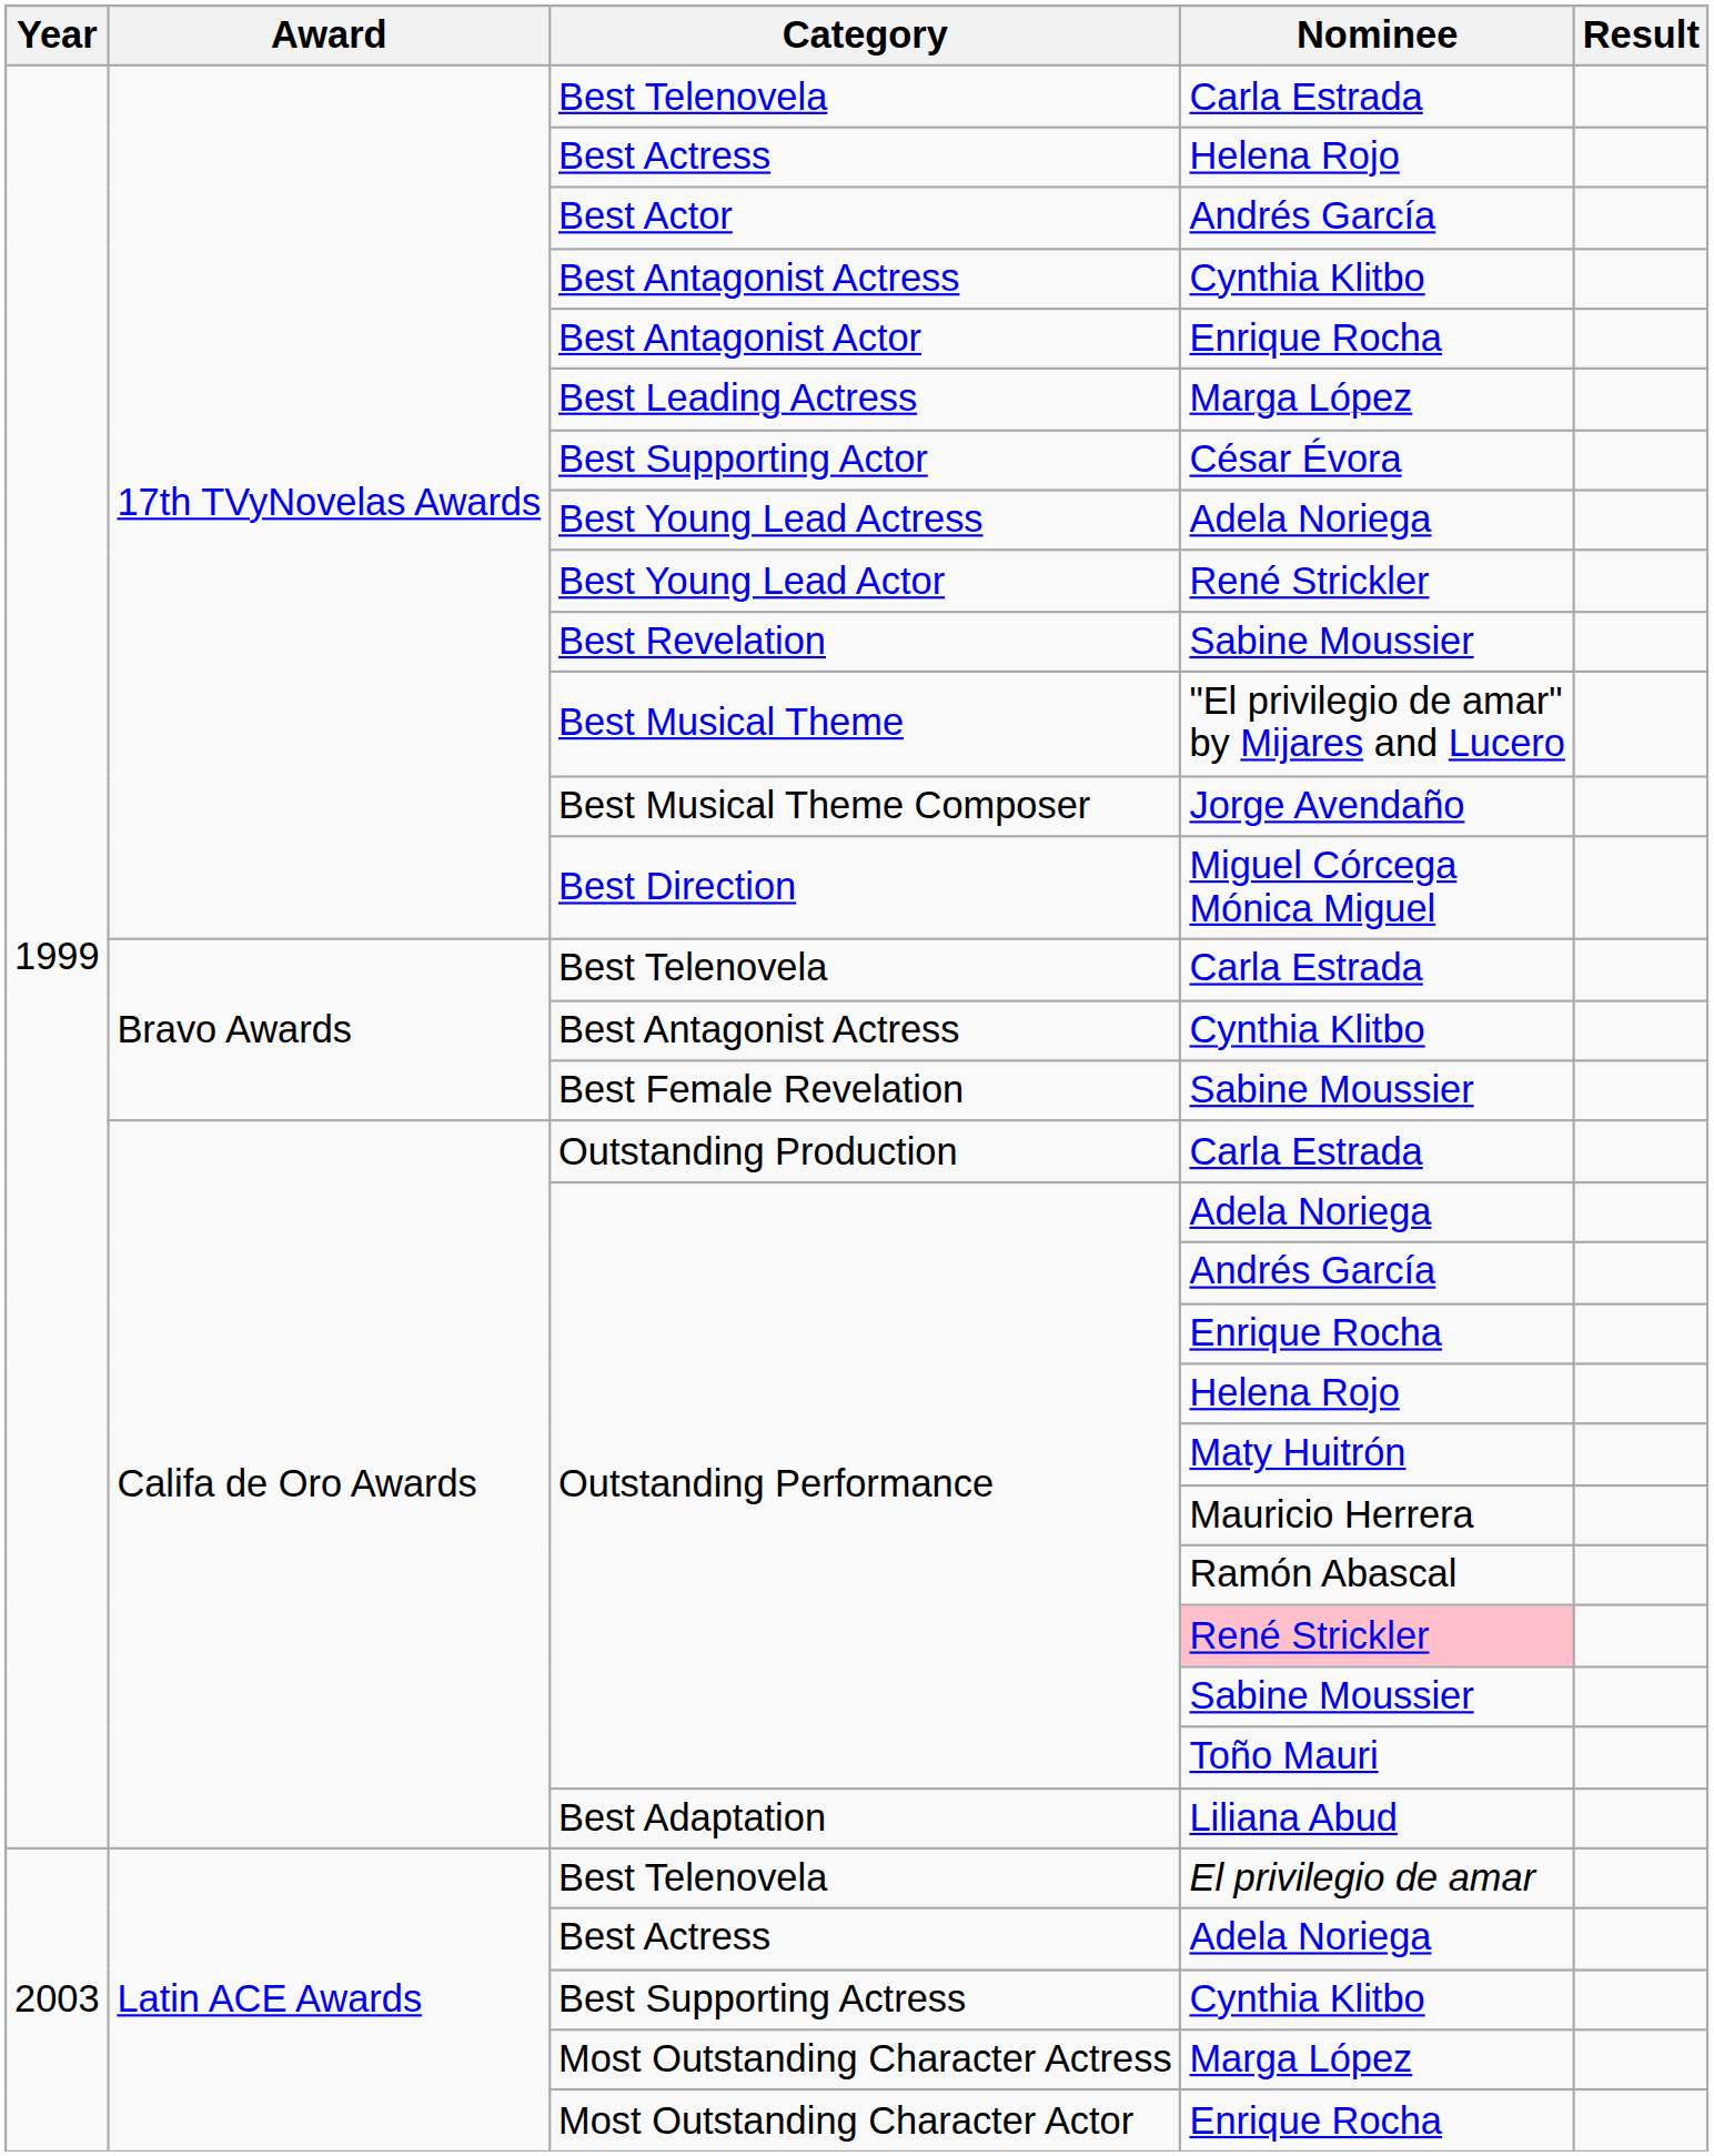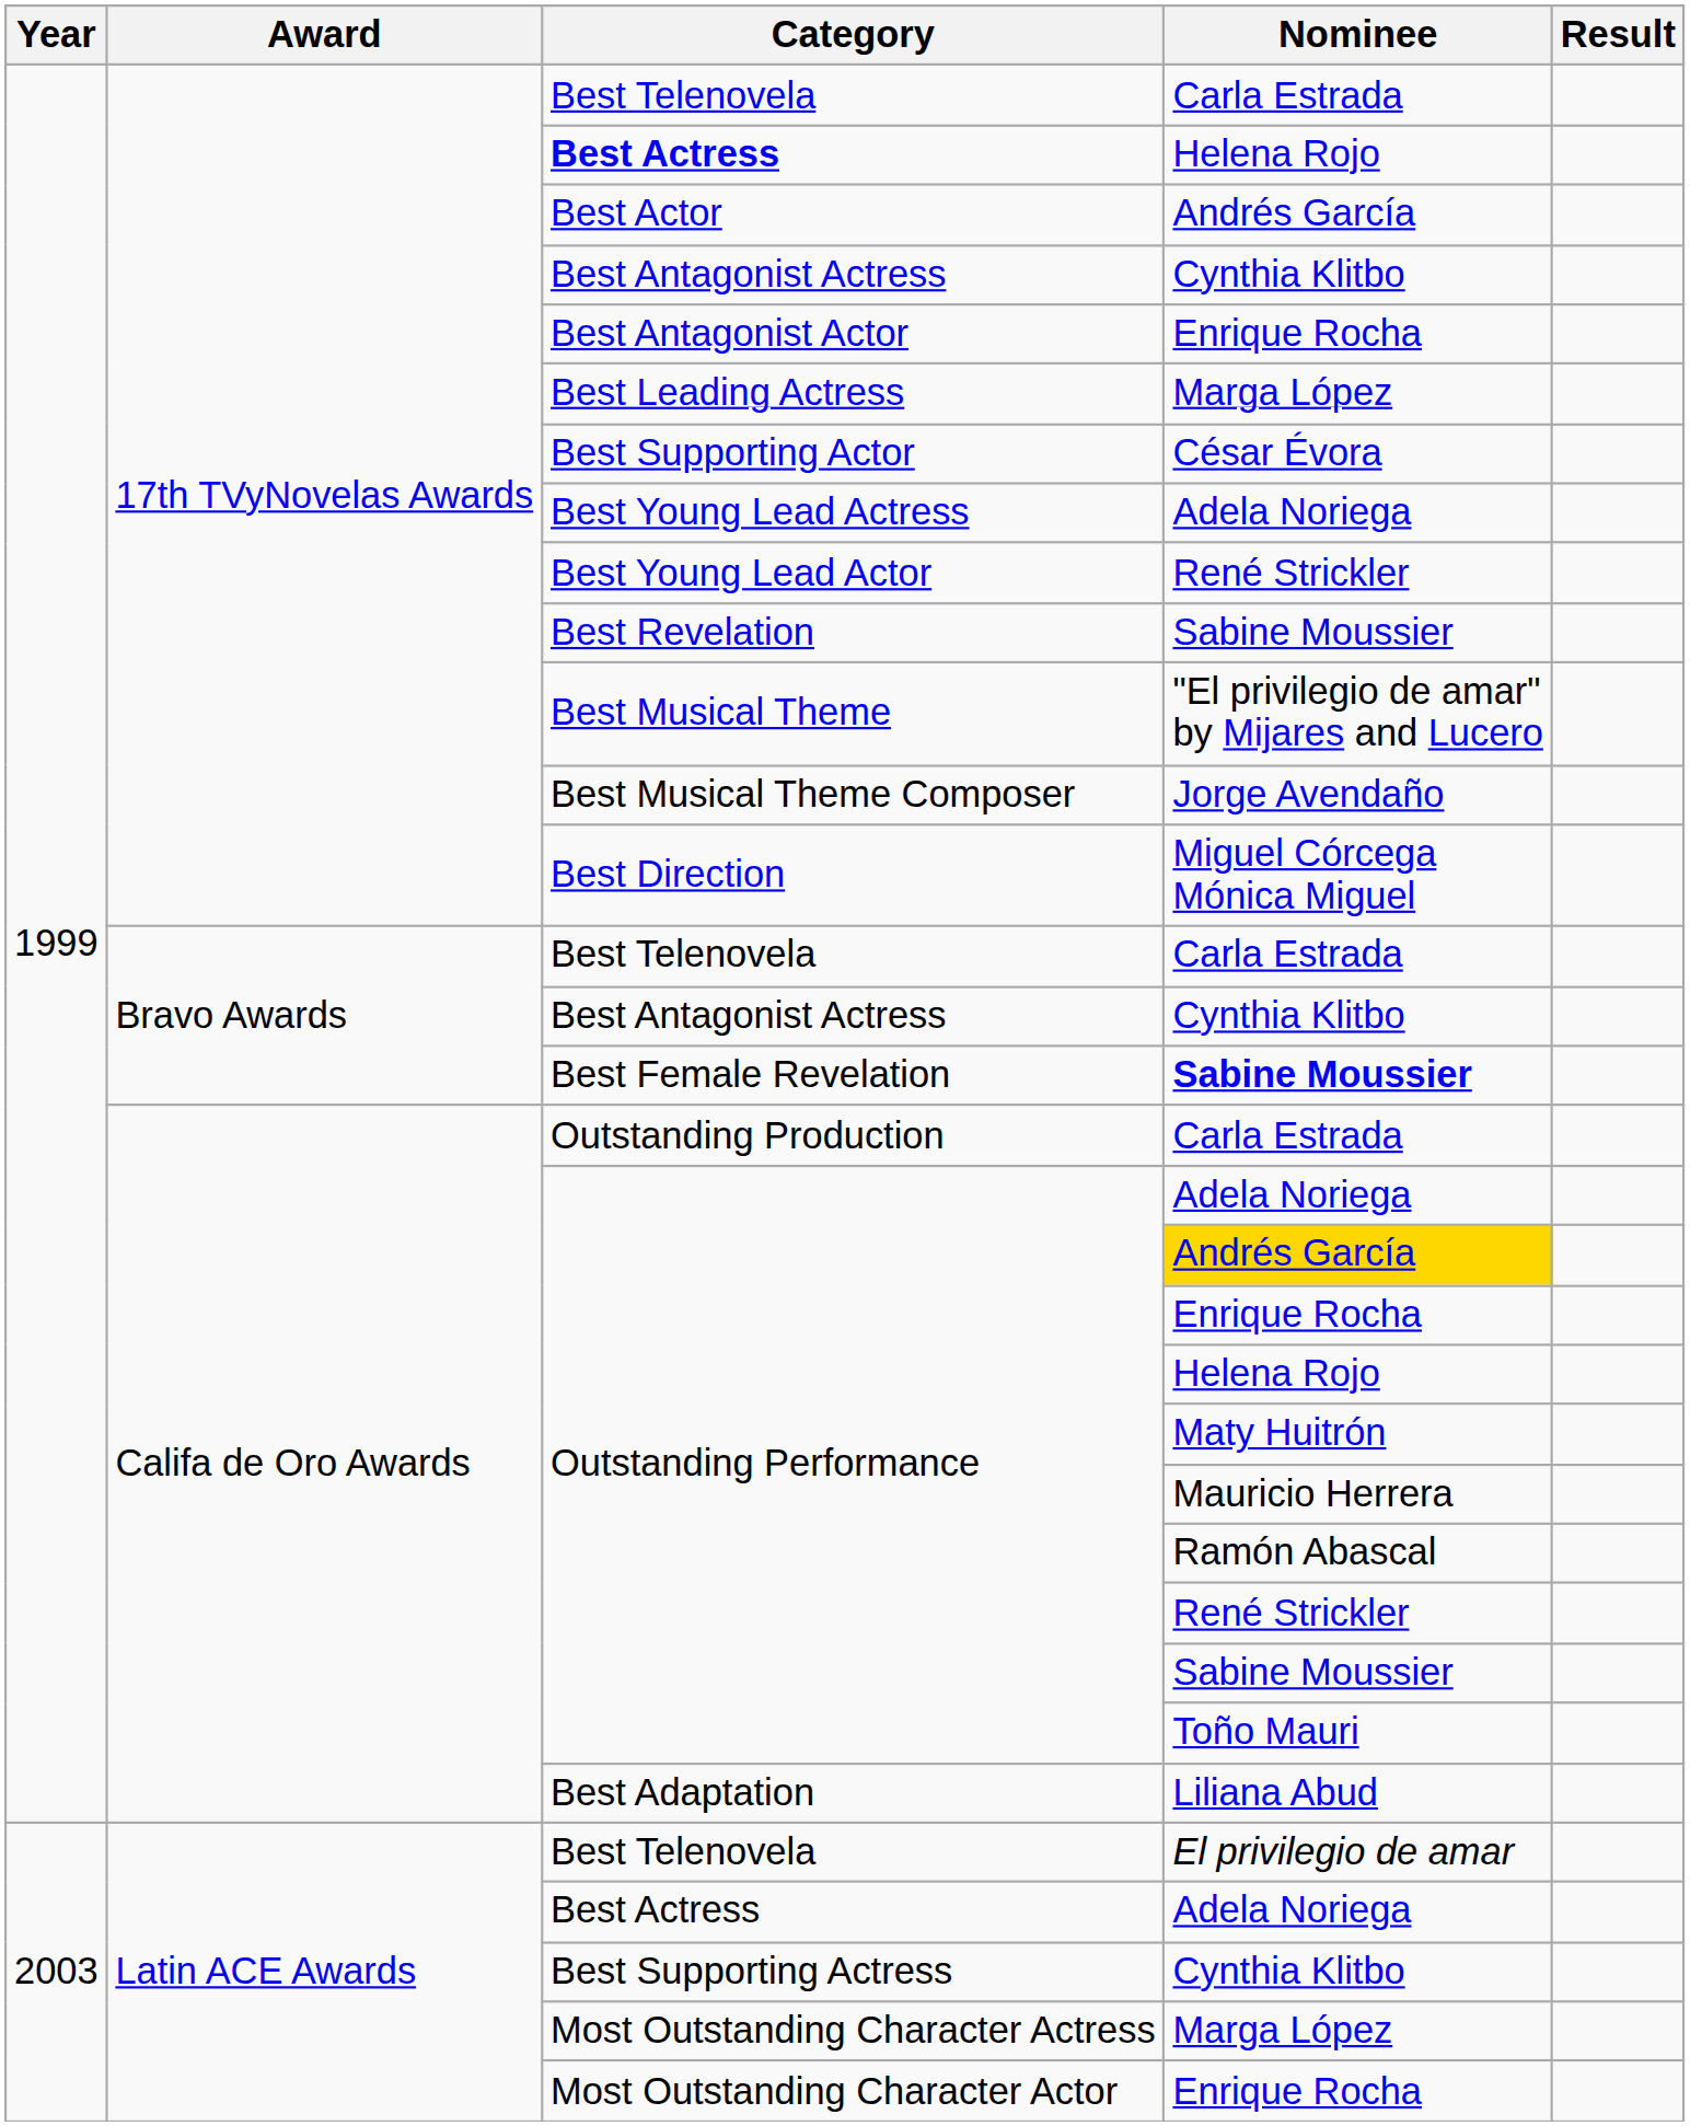 <table class="wikitable">
 <tr style="background:#b0c4de;">
 <th>Year</th>
 <th>Award</th>
 <th>Category</th>
 <th>Nominee</th>
 <th>Result</th>
 </tr>
 <tr>
 <td rowspan=28>1999</td>
 <td rowspan=13><a href='#'>17th TVyNovelas Awards</a></td>
 <td><a href='#'>Best Telenovela</a></td>
 <td><a href='#'>Carla Estrada</a></td>
 <td></td>
 </tr>
 <tr>
-<td><a href='#'>Best Actress</a></td>
+<td><strong><a href='#'>Best Actress</a></strong></td>
 <td><a href='#'>Helena Rojo</a></td>
 <td></td>
 </tr>
 <tr>
 <td><a href='#'>Best Actor</a></td>
 <td><a href='#'>Andrés García</a></td>
 <td></td>
 </tr>
 <tr>
 <td><a href='#'>Best Antagonist Actress</a></td>
 <td><a href='#'>Cynthia Klitbo</a></td>
 <td></td>
 </tr>
 <tr>
 <td><a href='#'>Best Antagonist Actor</a></td>
 <td><a href='#'>Enrique Rocha</a></td>
 <td></td>
 </tr>
 <tr>
 <td><a href='#'>Best Leading Actress</a></td>
 <td><a href='#'>Marga López</a></td>
 <td></td>
 </tr>
 <tr>
 <td><a href='#'>Best Supporting Actor</a></td>
 <td><a href='#'>César Évora</a></td>
 <td></td>
 </tr>
 <tr>
 <td><a href='#'>Best Young Lead Actress</a></td>
 <td><a href='#'>Adela Noriega</a></td>
 <td></td>
 </tr>
 <tr>
 <td><a href='#'>Best Young Lead Actor</a></td>
 <td><a href='#'>René Strickler</a></td>
 <td></td>
 </tr>
 <tr>
 <td><a href='#'>Best Revelation</a></td>
 <td><a href='#'>Sabine Moussier</a></td>
 <td></td>
 </tr>
 <tr>
 <td><a href='#'>Best Musical Theme</a></td>
 <td>"El privilegio de amar" <br> by <a href='#'>Mijares</a> and <a href='#'>Lucero</a></td>
 <td></td>
 </tr>
 <tr>
 <td>Best Musical Theme Composer</td>
 <td><a href='#'>Jorge Avendaño</a></td>
 <td></td>
 </tr>
 <tr>
 <td><a href='#'>Best Direction</a></td>
 <td><a href='#'>Miguel Córcega</a> <br> <a href='#'>Mónica Miguel</a></td>
 <td></td>
 </tr>
 <tr>
 <td rowspan=3>Bravo Awards</td>
 <td>Best Telenovela</td>
 <td><a href='#'>Carla Estrada</a></td>
 <td></td>
 </tr>
 <tr>
 <td>Best Antagonist Actress</td>
 <td><a href='#'>Cynthia Klitbo</a></td>
 <td></td>
 </tr>
 <tr>
 <td>Best Female Revelation</td>
-<td><a href='#'>Sabine Moussier</a></td>
+<td><strong><a href='#'>Sabine Moussier</a></strong></td>
 <td></td>
 </tr>
 <tr>
 <td rowspan=12>Califa de Oro Awards</td>
 <td>Outstanding Production</td>
 <td><a href='#'>Carla Estrada</a></td>
 <td></td>
 </tr>
 <tr>
 <td rowspan=10>Outstanding Performance</td>
 <td><a href='#'>Adela Noriega</a></td>
 <td></td>
 </tr>
 <tr>
-<td><a href='#'>Andrés García</a></td>
+<td style="background: gold;"><a href='#'>Andrés García</a></td>
 <td></td>
 </tr>
 <tr>
 <td><a href='#'>Enrique Rocha</a></td>
 <td></td>
 </tr>
 <tr>
 <td><a href='#'>Helena Rojo</a></td>
 <td></td>
 </tr>
 <tr>
 <td><a href='#'>Maty Huitrón</a></td>
 <td></td>
 </tr>
 <tr>
 <td>Mauricio Herrera</td>
 <td></td>
 </tr>
 <tr>
 <td>Ramón Abascal</td>
 <td></td>
 </tr>
 <tr>
-<td style="background: pink;"><a href='#'>René Strickler</a></td>
+<td><a href='#'>René Strickler</a></td>
 <td></td>
 </tr>
 <tr>
 <td><a href='#'>Sabine Moussier</a></td>
 <td></td>
 </tr>
 <tr>
 <td><a href='#'>Toño Mauri</a></td>
 <td></td>
 </tr>
 <tr>
 <td>Best Adaptation</td>
 <td><a href='#'>Liliana Abud</a></td>
 <td></td>
 </tr>
 <tr>
 <td rowspan=5>2003</td>
 <td rowspan=5><a href='#'>Latin ACE Awards</a></td>
 <td>Best Telenovela</td>
 <td><em>El privilegio de amar</em></td>
 <td></td>
 </tr>
 <tr>
 <td>Best Actress</td>
 <td><a href='#'>Adela Noriega</a></td>
 <td></td>
 </tr>
 <tr>
 <td>Best Supporting Actress</td>
 <td><a href='#'>Cynthia Klitbo</a></td>
 <td></td>
 </tr>
 <tr>
 <td>Most Outstanding Character Actress</td>
 <td><a href='#'>Marga López</a></td>
 <td></td>
 </tr>
 <tr>
 <td>Most Outstanding Character Actor</td>
 <td><a href='#'>Enrique Rocha</a></td>
 <td></td>
 </tr>
 </table>
